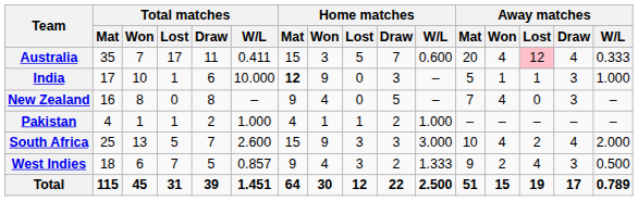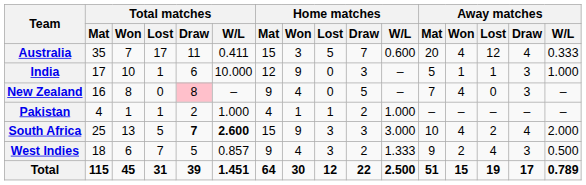 <table class="wikitable plainrowheaders sortable" style="text-align:center">
 <tr>
 <th rowspan=2 scope=col>Team</th>
 <th colspan=5 class=unsortable>Total matches</th>
 <th colspan=5 class=unsortable>Home matches</th>
 <th colspan=5 class=unsortable>Away matches</th>
 </tr>
 <tr>
 <th scope=col data-sort-type=number>Mat</th>
 <th scope=col data-sort-type=number>Won</th>
 <th scope=col data-sort-type=number>Lost</th>
 <th scope=col data-sort-type=number>Draw</th>
 <th scope=col data-sort-type=number>W/L</th>
 <th scope=col data-sort-type=number>Mat</th>
 <th scope=col data-sort-type=number>Won</th>
 <th scope=col data-sort-type=number>Lost</th>
 <th scope=col data-sort-type=number>Draw</th>
 <th scope=col data-sort-type=number>W/L</th>
 <th scope=col data-sort-type=number>Mat</th>
 <th scope=col data-sort-type=number>Won</th>
 <th scope=col data-sort-type=number>Lost</th>
 <th scope=col data-sort-type=number>Draw</th>
 <th scope=col data-sort-type=number>W/L</th>
 </tr>
 <tr>
 <th scope=row><a href='#'>Australia</a></th>
 <td>35</td>
 <td>7</td>
 <td>17</td>
 <td>11</td>
 <td>0.411</td>
 <td>15</td>
 <td>3</td>
 <td>5</td>
 <td>7</td>
 <td>0.600</td>
 <td>20</td>
 <td>4</td>
-<td style="background: pink;">12</td>
+<td>12</td>
 <td>4</td>
 <td>0.333</td>
 </tr>
 <tr>
 <th scope=row><a href='#'>India</a></th>
 <td>17</td>
 <td>10</td>
 <td>1</td>
 <td>6</td>
 <td>10.000</td>
-<td><strong>12</strong></td>
+<td>12</td>
 <td>9</td>
 <td>0</td>
 <td>3</td>
 <td>–</td>
 <td>5</td>
 <td>1</td>
 <td>1</td>
 <td>3</td>
 <td>1.000</td>
 </tr>
 <tr>
 <th scope=row><a href='#'>New Zealand</a></th>
 <td>16</td>
 <td>8</td>
 <td>0</td>
-<td>8</td>
+<td style="background: pink;">8</td>
 <td>–</td>
 <td>9</td>
 <td>4</td>
 <td>0</td>
 <td>5</td>
 <td>–</td>
 <td>7</td>
 <td>4</td>
 <td>0</td>
 <td>3</td>
 <td>–</td>
 </tr>
 <tr>
 <th scope=row><a href='#'>Pakistan</a></th>
 <td>4</td>
 <td>1</td>
 <td>1</td>
 <td>2</td>
 <td>1.000</td>
 <td>4</td>
 <td>1</td>
 <td>1</td>
 <td>2</td>
 <td>1.000</td>
 <td>–</td>
 <td>–</td>
 <td>–</td>
 <td>–</td>
 <td>–</td>
 </tr>
 <tr>
 <th scope=row><a href='#'>South Africa</a></th>
 <td>25</td>
 <td>13</td>
 <td>5</td>
-<td>7</td>
-<td>2.600</td>
+<td><strong>7</strong></td>
+<td><strong>2.600</strong></td>
 <td>15</td>
 <td>9</td>
 <td>3</td>
 <td>3</td>
 <td>3.000</td>
 <td>10</td>
 <td>4</td>
 <td>2</td>
 <td>4</td>
 <td>2.000</td>
 </tr>
 <tr>
 <th scope=row><a href='#'>West Indies</a></th>
 <td>18</td>
 <td>6</td>
 <td>7</td>
 <td>5</td>
 <td>0.857</td>
 <td>9</td>
 <td>4</td>
 <td>3</td>
 <td>2</td>
 <td>1.333</td>
 <td>9</td>
 <td>2</td>
 <td>4</td>
 <td>3</td>
 <td>0.500</td>
 </tr>
 <tr class=sortbottom>
 <th scope=row><strong>Total</strong></th>
 <td><strong>115</strong></td>
 <td><strong>45</strong></td>
 <td><strong>31</strong></td>
 <td><strong>39</strong></td>
 <td><strong>1.451</strong></td>
 <td><strong>64</strong></td>
 <td><strong>30</strong></td>
 <td><strong>12</strong></td>
 <td><strong>22</strong></td>
 <td><strong>2.500</strong></td>
 <td><strong>51</strong></td>
 <td><strong>15</strong></td>
 <td><strong>19</strong></td>
 <td><strong>17</strong></td>
 <td><strong>0.789</strong></td>
 </tr>
 </table>
